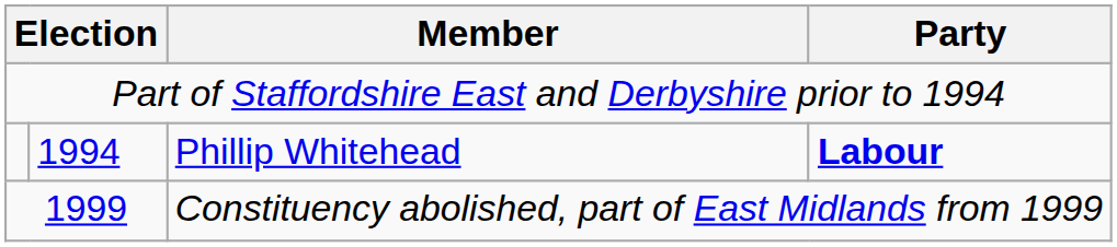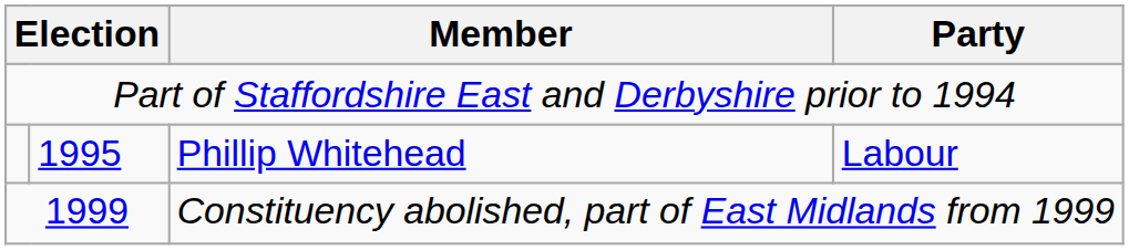 <table class="wikitable">
 <tr>
 <th colspan="2">Election</th>
 <th>Member</th>
 <th>Party</th>
 </tr>
 <tr>
 <td colspan="4" align="center"><em>Part of <a href='#'>Staffordshire East</a> and <a href='#'>Derbyshire</a> prior to 1994</em></td>
 </tr>
 <tr>
 <td style="background-color: "></td>
-<td><a href='#'>1994</a></td>
+<td><a href='#'>1995</a></td>
 <td><a href='#'>Phillip Whitehead</a></td>
-<td><strong><a href='#'>Labour</a></strong></td>
+<td><a href='#'>Labour</a></td>
 </tr>
 <tr>
 <td colspan="2" align="center"><a href='#'>1999</a></td>
 <td colspan="2"><em>Constituency abolished, part of <a href='#'>East Midlands</a> from 1999</em></td>
 </tr>
 </table>
